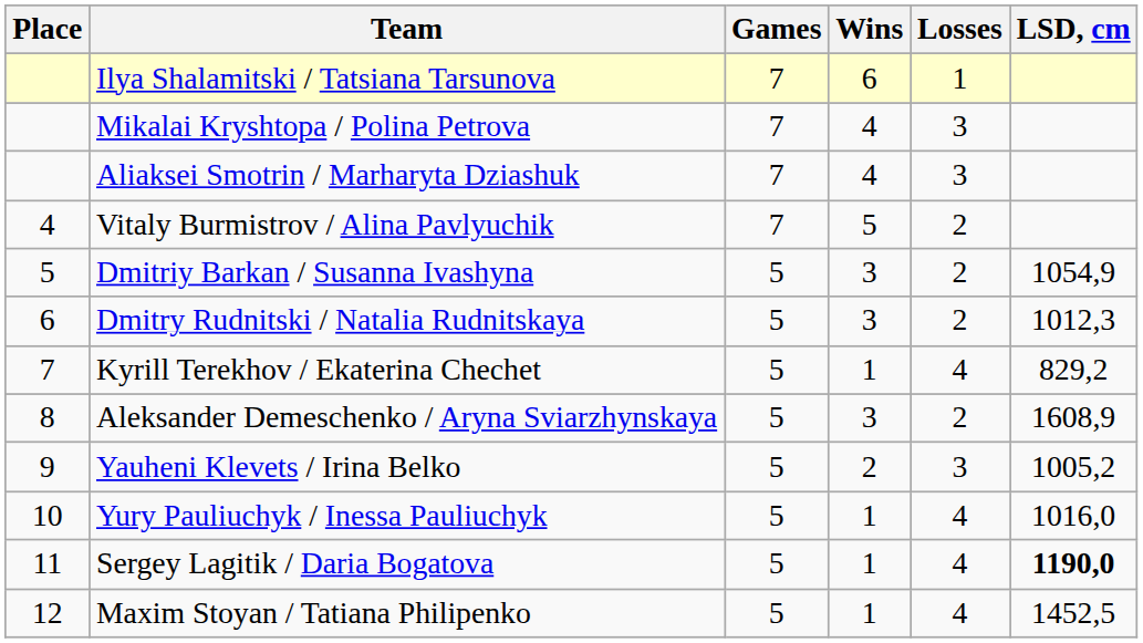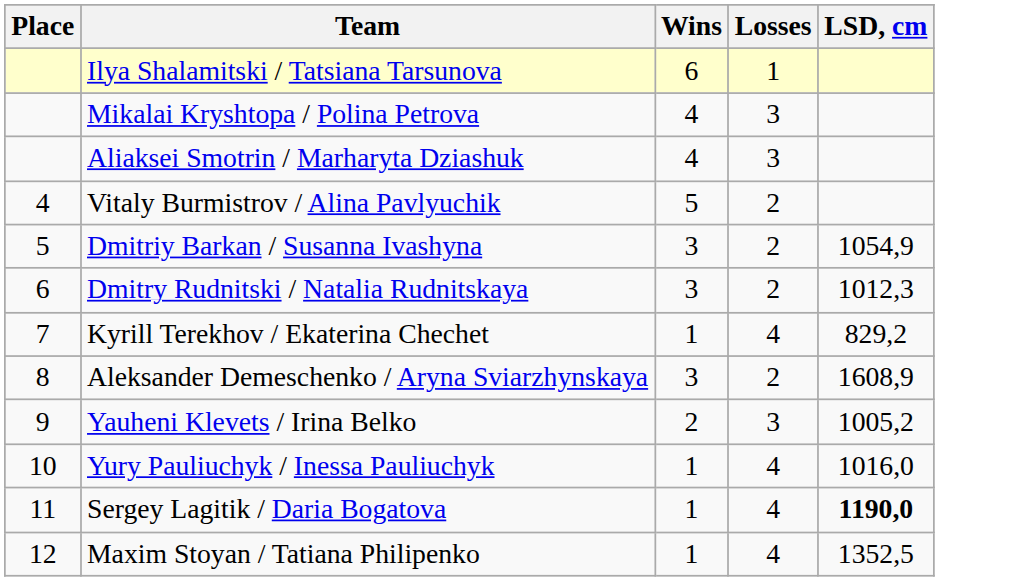 <table class="wikitable" style="text-align:center;">
 <tr>
 <th>Place</th>
 <th>Team</th>
-<th>Games</th>
 <th>Wins</th>
 <th>Losses</th>
 <th>LSD, <a href='#'>cm</a></th>
 </tr>
 <tr bgcolor=#ffffcc>
 <td></td>
 <td align=left><a href='#'>Ilya Shalamitski</a> / <a href='#'>Tatsiana Tarsunova</a></td>
-<td>7</td>
 <td>6</td>
 <td>1</td>
 <td></td>
 </tr>
 <tr>
 <td></td>
 <td align=left><a href='#'>Mikalai Kryshtopa</a> / <a href='#'>Polina Petrova</a></td>
-<td>7</td>
 <td>4</td>
 <td>3</td>
 <td></td>
 </tr>
 <tr>
 <td></td>
 <td align=left><a href='#'>Aliaksei Smotrin</a> / <a href='#'>Marharyta Dziashuk</a></td>
-<td>7</td>
 <td>4</td>
 <td>3</td>
 <td></td>
 </tr>
 <tr>
 <td>4</td>
 <td align=left>Vitaly Burmistrov / <a href='#'>Alina Pavlyuchik</a></td>
-<td>7</td>
 <td>5</td>
 <td>2</td>
 <td></td>
 </tr>
 <tr>
 <td>5</td>
 <td align=left><a href='#'>Dmitriy Barkan</a> / <a href='#'>Susanna Ivashyna</a></td>
-<td>5</td>
 <td>3</td>
 <td>2</td>
 <td>1054,9</td>
 </tr>
 <tr>
 <td>6</td>
 <td align=left><a href='#'>Dmitry Rudnitski</a> / <a href='#'>Natalia Rudnitskaya</a></td>
-<td>5</td>
 <td>3</td>
 <td>2</td>
 <td>1012,3</td>
 </tr>
 <tr>
 <td>7</td>
 <td align=left>Kyrill Terekhov / Ekaterina Chechet</td>
-<td>5</td>
 <td>1</td>
 <td>4</td>
 <td>829,2</td>
 </tr>
 <tr>
 <td>8</td>
 <td align=left>Aleksander Demeschenko / <a href='#'>Aryna Sviarzhynskaya</a></td>
-<td>5</td>
 <td>3</td>
 <td>2</td>
 <td>1608,9</td>
 </tr>
 <tr>
 <td>9</td>
 <td align=left><a href='#'>Yauheni Klevets</a> / Irina Belko</td>
-<td>5</td>
 <td>2</td>
 <td>3</td>
 <td>1005,2</td>
 </tr>
 <tr>
 <td>10</td>
 <td align=left><a href='#'>Yury Pauliuchyk</a> / <a href='#'>Inessa Pauliuchyk</a></td>
-<td>5</td>
 <td>1</td>
 <td>4</td>
 <td>1016,0</td>
 </tr>
 <tr>
 <td>11</td>
 <td align=left>Sergey Lagitik / <a href='#'>Daria Bogatova</a></td>
-<td>5</td>
 <td>1</td>
 <td>4</td>
 <td><strong>1190,0</strong></td>
 </tr>
 <tr>
 <td>12</td>
 <td align=left>Maxim Stoyan / Tatiana Philipenko</td>
-<td>5</td>
 <td>1</td>
 <td>4</td>
-<td>1452,5</td>
+<td>1352,5</td>
 </tr>
 </table>
